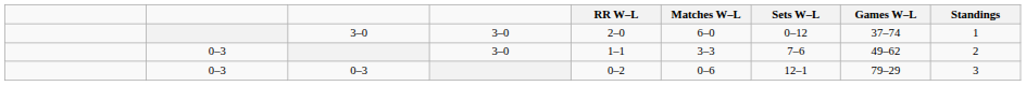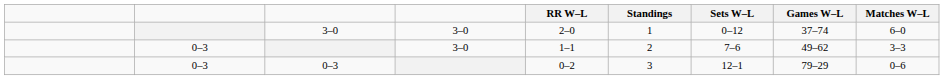 <table class="wikitable" style="width: 100%; text-align:center; font-size:90%">
 <tr>
 <td width=130></td>
 <td width=130></td>
 <td width=130></td>
 <td width=130></td>
 <th width=80>RR W–L</th>
-<th width=80>Matches W–L</th>
+<th width=80>Standings</th>
 <th width=80>Sets W–L</th>
 <th width=80>Games W–L</th>
-<th width=80>Standings</th>
+<th width=80>Matches W–L</th>
 </tr>
 <tr>
 <td style="text-align:left;"></td>
 <th bgcolor="ededed"></th>
 <td>3–0</td>
 <td>3–0</td>
 <td>2–0</td>
-<td>6–0</td>
+<td>1</td>
 <td>0–12</td>
 <td>37–74</td>
-<td>1</td>
+<td>6–0</td>
 </tr>
 <tr>
 <td style="text-align:left;"></td>
 <td>0–3</td>
 <th bgcolor="ededed"></th>
 <td>3–0</td>
 <td>1–1</td>
-<td>3–3</td>
+<td>2</td>
 <td>7–6</td>
 <td>49–62</td>
-<td>2</td>
+<td>3–3</td>
 </tr>
 <tr>
 <td style="text-align:left;"></td>
 <td>0–3</td>
 <td>0–3</td>
 <th bgcolor="ededed"></th>
 <td>0–2</td>
-<td>0–6</td>
+<td>3</td>
 <td>12–1</td>
 <td>79–29</td>
-<td>3</td>
+<td>0–6</td>
 </tr>
 </table>
